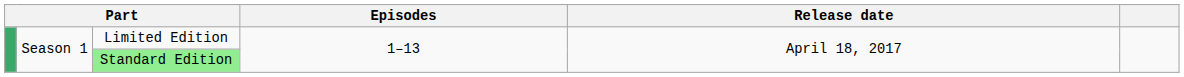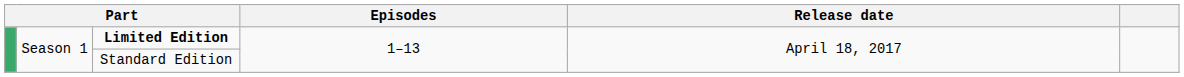 <table class="wikitable" style="text-align:center; width: 70%;">
 <tr>
 <th colspan="3" width="20%">Part</th>
 <th>Episodes</th>
 <th>Release date</th>
 <th width="5%"></th>
 </tr>
 <tr>
 <td rowspan="2" width="1%" style="background: #38A969"></td>
 <td rowspan="2">Season 1</td>
-<td>Limited Edition</td>
+<td><strong>Limited Edition</strong></td>
 <td rowspan="2">1–13</td>
 <td rowspan="2">April 18, 2017</td>
 <td rowspan="2"></td>
 </tr>
 <tr>
-<td style="background: lightgreen;">Standard Edition</td>
+<td>Standard Edition</td>
 </tr>
 </table>
